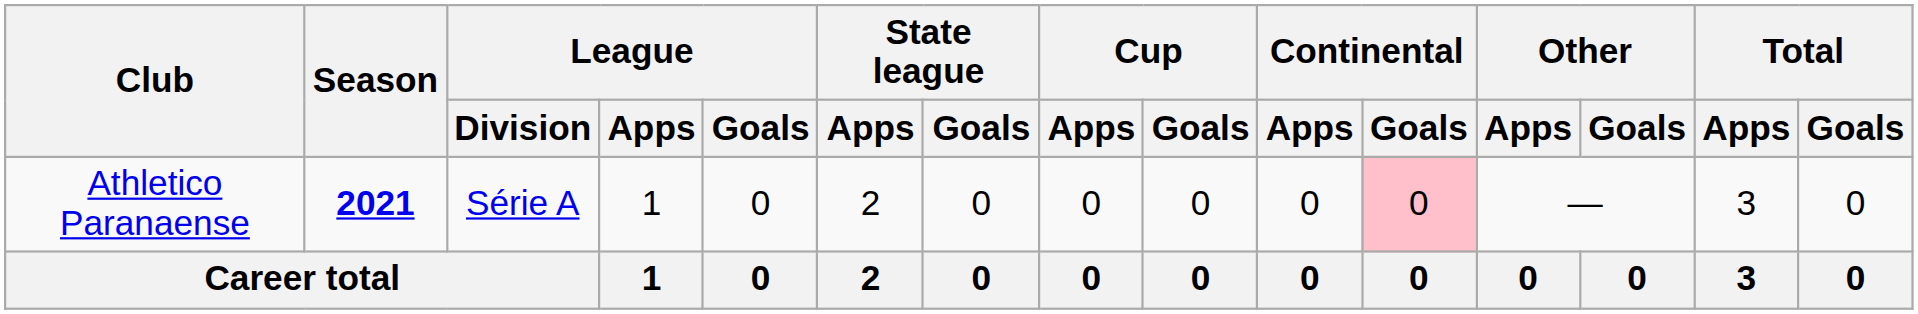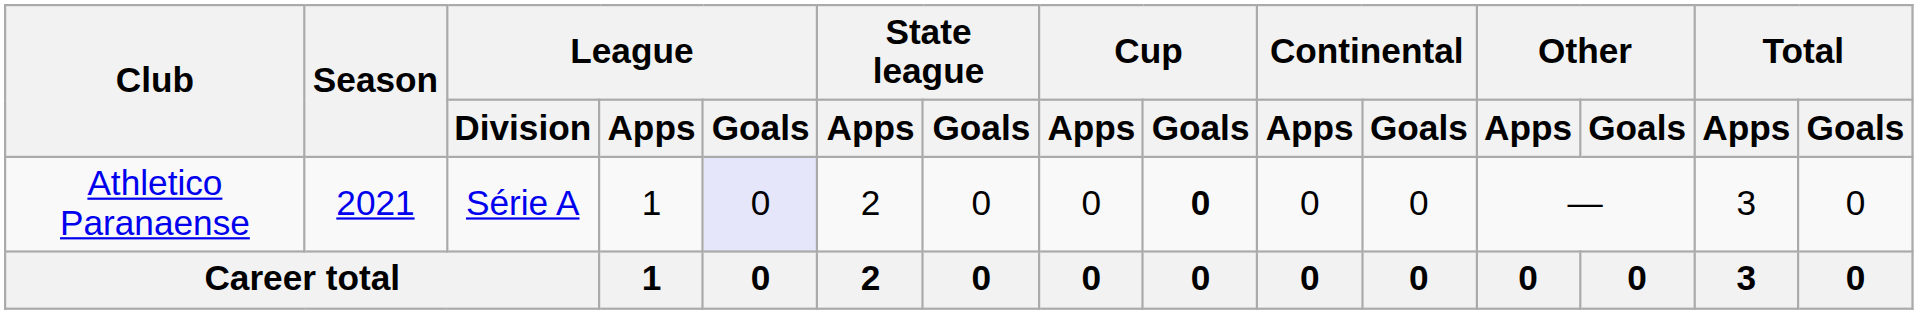 <table class="wikitable" style="text-align: center">
 <tr>
 <th rowspan="2">Club</th>
 <th rowspan="2">Season</th>
 <th colspan="3">League</th>
 <th colspan="2">State league</th>
 <th colspan="2">Cup</th>
 <th colspan="2">Continental</th>
 <th colspan="2">Other</th>
 <th colspan="2">Total</th>
 </tr>
 <tr>
 <th>Division</th>
 <th>Apps</th>
 <th>Goals</th>
 <th>Apps</th>
 <th>Goals</th>
 <th>Apps</th>
 <th>Goals</th>
 <th>Apps</th>
 <th>Goals</th>
 <th>Apps</th>
 <th>Goals</th>
 <th>Apps</th>
 <th>Goals</th>
 </tr>
 <tr>
 <td><a href='#'>Athletico Paranaense</a></td>
-<td><strong><a href='#'>2021</a></strong></td>
+<td><a href='#'>2021</a></td>
 <td><a href='#'>Série A</a></td>
 <td>1</td>
-<td>0</td>
+<td style="background: lavender;">0</td>
 <td>2</td>
 <td>0</td>
 <td>0</td>
+<td><strong>0</strong></td>
 <td>0</td>
 <td>0</td>
-<td style="background: pink;">0</td>
 <td colspan="2">—</td>
 <td>3</td>
 <td>0</td>
 </tr>
 <tr>
 <th colspan="3"><strong>Career total</strong></th>
 <th>1</th>
 <th>0</th>
 <th>2</th>
 <th>0</th>
 <th>0</th>
 <th>0</th>
 <th>0</th>
 <th>0</th>
 <th>0</th>
 <th>0</th>
 <th>3</th>
 <th>0</th>
 </tr>
 </table>
